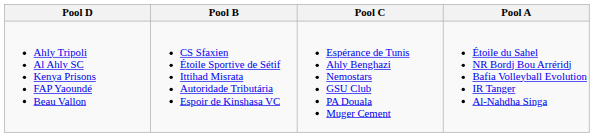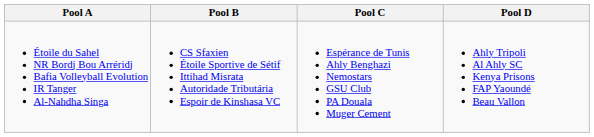 <table class="wikitable">
 <tr>
-<th width=25%>Pool D</th>
+<th width=25%>Pool A</th>
 <th width=25%>Pool B</th>
 <th width=25%>Pool C</th>
-<th width=25%>Pool A</th>
+<th width=25%>Pool D</th>
 </tr>
 <tr style="vertical-align: top;">
-<td><br><ul><li> <a href='#'>Ahly Tripoli</a></li><li> <a href='#'>Al Ahly SC</a></li><li> <a href='#'>Kenya Prisons</a></li><li> <a href='#'>FAP Yaoundé</a></li><li> <a href='#'>Beau Vallon</a></li></ul></td>
+<td><br><ul><li> <a href='#'>Étoile du Sahel</a></li><li> <a href='#'>NR Bordj Bou Arréridj</a></li><li> <a href='#'>Bafia Volleyball Evolution</a></li><li> <a href='#'>IR Tanger</a></li><li> <a href='#'>Al-Nahdha Singa</a></li></ul></td>
 <td><br><ul><li> <a href='#'>CS Sfaxien</a></li><li> <a href='#'>Étoile Sportive de Sétif</a></li><li> <a href='#'>Ittihad Misrata</a></li><li> <a href='#'>Autoridade Tributária</a></li><li> <a href='#'>Espoir de Kinshasa VC</a></li></ul></td>
 <td><br><ul><li> <a href='#'>Espérance de Tunis</a></li><li> <a href='#'>Ahly Benghazi</a></li><li> <a href='#'>Nemostars</a></li><li> <a href='#'>GSU Club</a></li><li> <a href='#'>PA Douala</a></li><li> <a href='#'>Muger Cement</a></li></ul></td>
-<td><br><ul><li> <a href='#'>Étoile du Sahel</a></li><li> <a href='#'>NR Bordj Bou Arréridj</a></li><li> <a href='#'>Bafia Volleyball Evolution</a></li><li> <a href='#'>IR Tanger</a></li><li> <a href='#'>Al-Nahdha Singa</a></li></ul></td>
+<td><br><ul><li> <a href='#'>Ahly Tripoli</a></li><li> <a href='#'>Al Ahly SC</a></li><li> <a href='#'>Kenya Prisons</a></li><li> <a href='#'>FAP Yaoundé</a></li><li> <a href='#'>Beau Vallon</a></li></ul></td>
 </tr>
 </table>
